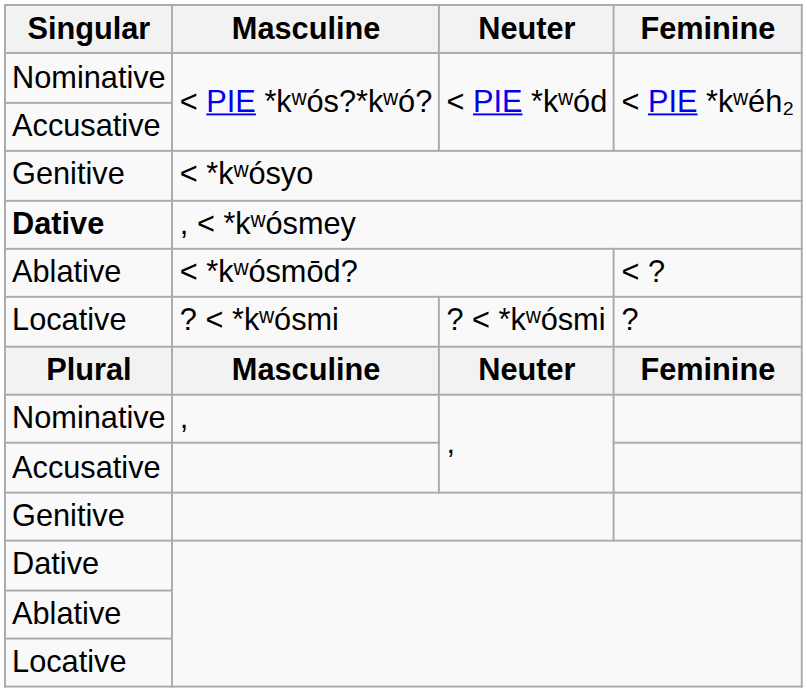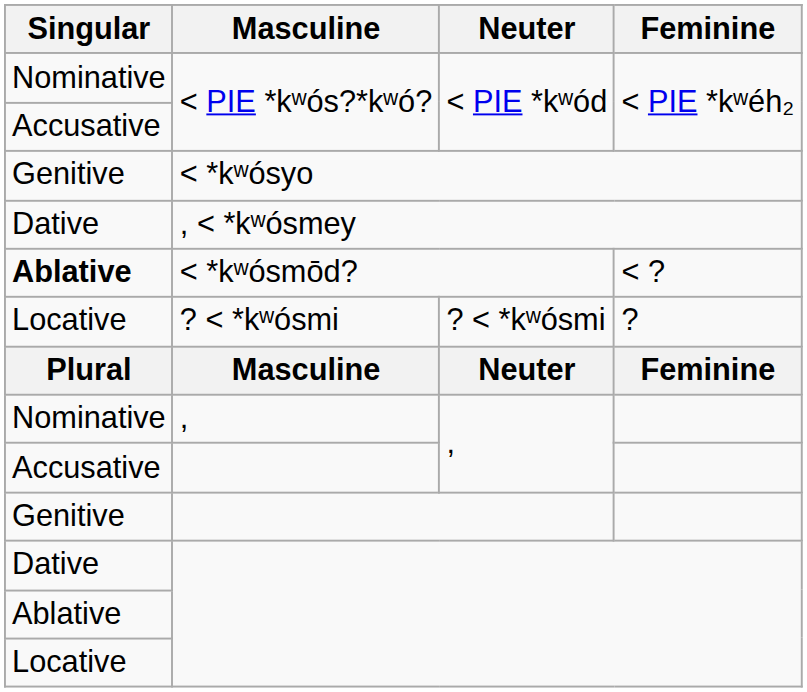 <table class="wikitable">
 <tr>
 <th>Singular</th>
 <th>Masculine</th>
 <th>Neuter</th>
 <th>Feminine</th>
 </tr>
 <tr>
 <td>Nominative</td>
 <td rowspan="2"> < <a href='#'>PIE</a> *kʷós?*kʷó?</td>
 <td rowspan="2"> < <a href='#'>PIE</a> *kʷód</td>
 <td rowspan="2"> < <a href='#'>PIE</a> *kʷéh₂</td>
 </tr>
 <tr>
 <td>Accusative</td>
 </tr>
 <tr>
 <td>Genitive</td>
 <td colspan="3"> < *kʷósyo</td>
 </tr>
 <tr>
-<td><strong>Dative</strong></td>
+<td>Dative</td>
 <td colspan="3">,  < *kʷósmey</td>
 </tr>
 <tr>
-<td>Ablative</td>
+<td><strong>Ablative</strong></td>
 <td colspan="2"> < *kʷósmōd?</td>
 <td> < ?</td>
 </tr>
 <tr>
 <td>Locative</td>
 <td>? < *kʷósmi</td>
 <td>? < *kʷósmi</td>
 <td>?</td>
 </tr>
 <tr>
 <th>Plural</th>
 <th>Masculine</th>
 <th>Neuter</th>
 <th>Feminine</th>
 </tr>
 <tr>
 <td>Nominative</td>
 <td>, </td>
 <td rowspan="2">, </td>
 <td></td>
 </tr>
 <tr>
 <td>Accusative</td>
 <td></td>
 <td></td>
 </tr>
 <tr>
 <td>Genitive</td>
 <td colspan="2"></td>
 <td></td>
 </tr>
 <tr>
 <td>Dative</td>
 <td colspan="3" rowspan="3"></td>
 </tr>
 <tr>
 <td>Ablative</td>
 </tr>
 <tr>
 <td>Locative</td>
 </tr>
 </table>
